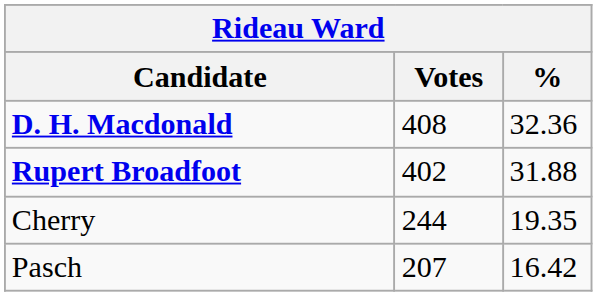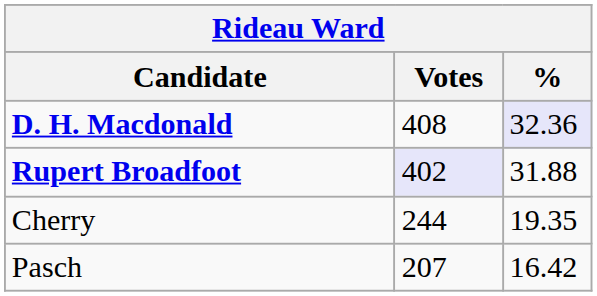 <table class="wikitable">
 <tr>
 <th colspan="3"><a href='#'>Rideau Ward</a></th>
 </tr>
 <tr>
 <th style="width: 200px">Candidate</th>
 <th style="width: 50px">Votes</th>
 <th style="width: 40px">%</th>
 </tr>
 <tr>
 <td><strong><a href='#'>D. H. Macdonald</a></strong></td>
 <td>408</td>
-<td>32.36</td>
+<td style="background: lavender;">32.36</td>
 </tr>
 <tr>
 <td><strong><a href='#'>Rupert Broadfoot</a></strong></td>
-<td>402</td>
+<td style="background: lavender;">402</td>
 <td>31.88</td>
 </tr>
 <tr>
 <td>Cherry</td>
 <td>244</td>
 <td>19.35</td>
 </tr>
 <tr>
 <td>Pasch</td>
 <td>207</td>
 <td>16.42</td>
 </tr>
 </table>
